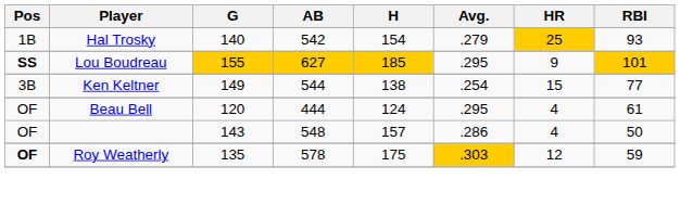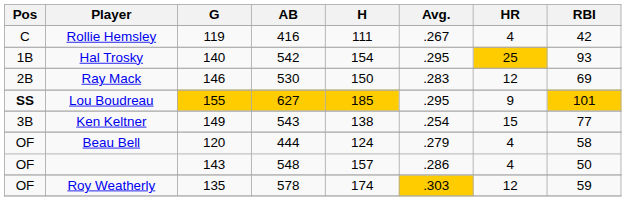 <table class="wikitable sortable">
 <tr>
 <th bgcolor="#DDDDFF" width="5%">Pos</th>
 <th bgcolor="#DDDDFF" width="16%">Player</th>
 <th bgcolor="#DDDDFF" width="9%">G</th>
 <th bgcolor="#DDDDFF" width="9%">AB</th>
 <th bgcolor="#DDDDFF" width="9%">H</th>
 <th bgcolor="#DDDDFF" width="9%">Avg.</th>
 <th bgcolor="#DDDDFF" width="9%">HR</th>
 <th bgcolor="#DDDDFF" width="9%">RBI</th>
 </tr>
 <tr>
 </tr>
+<tr align="center">
+<td>C</td>
+<td><a href='#'>Rollie Hemsley</a></td>
+<td>119</td>
+<td>416</td>
+<td>111</td>
+<td>.267</td>
+<td>4</td>
+<td>42</td>
+</tr>
 <tr>
 </tr>
 <tr align="center">
 <td>1B</td>
 <td><a href='#'>Hal Trosky</a></td>
 <td>140</td>
 <td>542</td>
 <td>154</td>
-<td>.279</td>
+<td>.295</td>
 <td style="background:#fc0;">25</td>
 <td>93</td>
 </tr>
 <tr>
+</tr>
+<tr align="center">
+<td>2B</td>
+<td><a href='#'>Ray Mack</a></td>
+<td>146</td>
+<td>530</td>
+<td>150</td>
+<td>.283</td>
+<td>12</td>
+<td>69</td>
 </tr>
 <tr>
 </tr>
 <tr align="center">
 <td><strong>SS</strong></td>
 <td><a href='#'>Lou Boudreau</a></td>
 <td style="background:#fc0;">155</td>
 <td style="background:#fc0;">627</td>
 <td style="background:#fc0;">185</td>
 <td>.295</td>
 <td>9</td>
 <td style="background:#fc0;">101</td>
 </tr>
 <tr>
 </tr>
 <tr align="center">
 <td>3B</td>
 <td><a href='#'>Ken Keltner</a></td>
 <td>149</td>
-<td>544</td>
+<td>543</td>
 <td>138</td>
 <td>.254</td>
 <td>15</td>
 <td>77</td>
 </tr>
 <tr>
 </tr>
 <tr align="center">
 <td>OF</td>
 <td><a href='#'>Beau Bell</a></td>
 <td>120</td>
 <td>444</td>
 <td>124</td>
-<td>.295</td>
+<td>.279</td>
 <td>4</td>
-<td>61</td>
+<td>58</td>
 </tr>
 <tr align="center">
 <td>OF</td>
 <td></td>
 <td>143</td>
 <td>548</td>
 <td>157</td>
 <td>.286</td>
 <td>4</td>
 <td>50</td>
 </tr>
 <tr>
 </tr>
 <tr align="center">
-<td><strong>OF</strong></td>
+<td>OF</td>
 <td><a href='#'>Roy Weatherly</a></td>
 <td>135</td>
 <td>578</td>
-<td>175</td>
+<td>174</td>
 <td style="background:#fc0;">.303</td>
 <td>12</td>
 <td>59</td>
 </tr>
 <tr align="center">
 </tr>
 </table>
